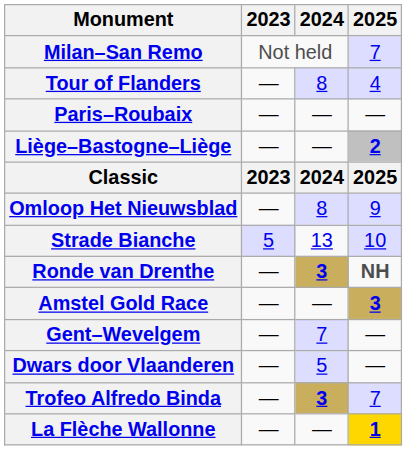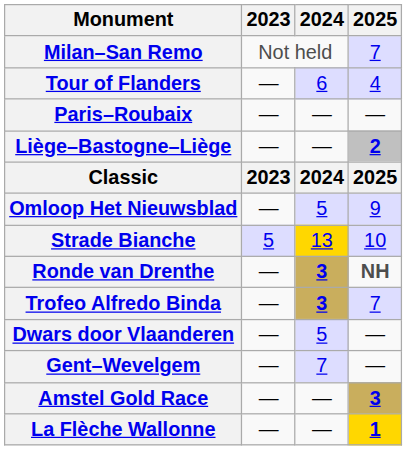 <table class="wikitable plainrowheaders">
 <tr>
 <th>Monument</th>
 <th scope="col">2023</th>
 <th scope="col">2024</th>
 <th scope="col">2025</th>
 </tr>
 <tr style="text-align:center;">
 <th scope="row"><a href='#'>Milan–San Remo</a></th>
 <td style="color:#4d4d4d;" colspan=2>Not held</td>
 <td style="background:#ddf;"><a href='#'>7</a></td>
 </tr>
 <tr style="text-align:center;">
 <th scope="row"><a href='#'>Tour of Flanders</a></th>
 <td>—</td>
-<td style="background:#ddf;"><a href='#'>8</a></td>
+<td style="background:#ddf;"><a href='#'>6</a></td>
 <td style="background:#ddf;"><a href='#'>4</a></td>
 </tr>
 <tr style="text-align:center;">
 <th scope="row"><a href='#'>Paris–Roubaix</a></th>
 <td>—</td>
 <td>—</td>
 <td>—</td>
 </tr>
 <tr style="text-align:center;">
 <th scope="row"><a href='#'>Liège–Bastogne–Liège</a></th>
 <td>—</td>
 <td>—</td>
 <td style="background:silver;"><a href='#'><strong>2</strong></a></td>
 </tr>
 <tr>
 <th>Classic</th>
 <th scope="col">2023</th>
 <th scope="col">2024</th>
 <th scope="col">2025</th>
 </tr>
 <tr style="text-align:center;">
 <th scope="row"><a href='#'>Omloop Het Nieuwsblad</a></th>
 <td>—</td>
-<td style="background:#ddf;"><a href='#'>8</a></td>
+<td style="background:#ddf;"><a href='#'>5</a></td>
 <td style="background:#ddf;"><a href='#'>9</a></td>
 </tr>
 <tr style="text-align:center;">
 <th scope="row"><a href='#'>Strade Bianche</a></th>
 <td style="background:#ddf;"><a href='#'>5</a></td>
-<td><a href='#'>13</a></td>
+<td style="background: gold;"><a href='#'>13</a></td>
 <td style="background:#ddf;"><a href='#'>10</a></td>
 </tr>
 <tr style="text-align:center;">
 <th scope="row"><a href='#'>Ronde van Drenthe</a></th>
 <td>—</td>
 <td style="background:#C9AE5D;"><a href='#'><strong>3</strong></a></td>
 <td style="color:#4d4d4d;"><strong>NH</strong></td>
 </tr>
 <tr style="text-align:center;">
-<th scope="row"><a href='#'>Amstel Gold Race</a></th>
-<td>—</td>
+<th scope="row"><a href='#'>Trofeo Alfredo Binda</a></th>
 <td>—</td>
 <td style="background:#C9AE5D;"><a href='#'><strong>3</strong></a></td>
+<td style="background:#ddf;"><a href='#'>7</a></td>
+</tr>
+<tr style="text-align:center;">
+<th scope="row"><a href='#'>Dwars door Vlaanderen</a></th>
+<td>—</td>
+<td style="background:#ddf;"><a href='#'>5</a></td>
+<td>—</td>
 </tr>
 <tr style="text-align:center;">
 <th scope="row"><a href='#'>Gent–Wevelgem</a></th>
 <td>—</td>
 <td style="background:#ddf;"><a href='#'>7</a></td>
 <td>—</td>
 </tr>
 <tr style="text-align:center;">
-<th scope="row"><a href='#'>Dwars door Vlaanderen</a></th>
+<th scope="row"><a href='#'>Amstel Gold Race</a></th>
 <td>—</td>
-<td style="background:#ddf;"><a href='#'>5</a></td>
-<td>—</td>
-</tr>
-<tr style="text-align:center;">
-<th scope="row"><a href='#'>Trofeo Alfredo Binda</a></th>
 <td>—</td>
 <td style="background:#C9AE5D;"><a href='#'><strong>3</strong></a></td>
-<td style="background:#ddf;"><a href='#'>7</a></td>
 </tr>
 <tr style="text-align:center;">
 <th scope="row"><a href='#'>La Flèche Wallonne</a></th>
 <td>—</td>
 <td>—</td>
 <td style="background:gold;"><a href='#'><strong>1</strong></a></td>
 </tr>
 </table>
